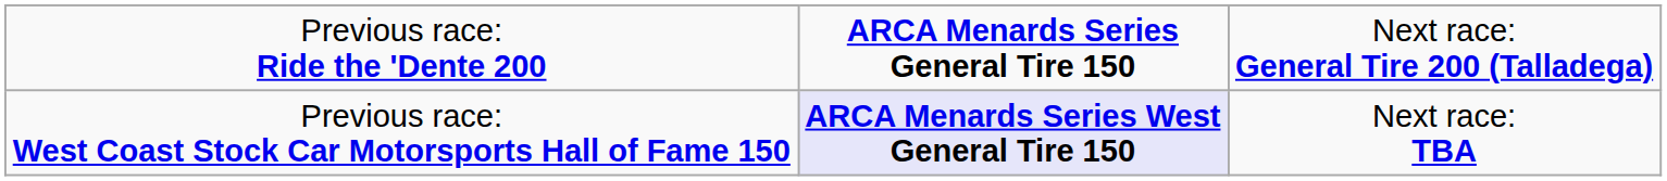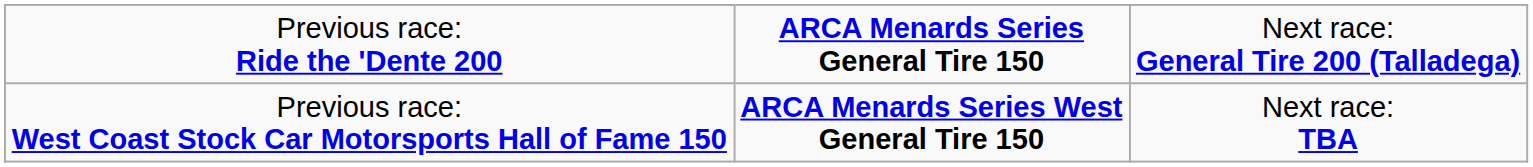 <table class="wikitable" style="font-size: 95%;">
 <tr>
 <td style="text-align:center;">Previous race: <br> <strong><a href='#'>Ride the 'Dente 200</a></strong></td>
 <td style="text-align:center;"><strong><a href='#'>ARCA Menards Series</a> <br> General Tire 150</strong></td>
 <td style="text-align:center;">Next race: <br> <strong><a href='#'>General Tire 200 (Talladega)</a></strong></td>
 </tr>
 <tr>
 <td style="text-align:center;">Previous race: <br> <strong><a href='#'>West Coast Stock Car Motorsports Hall of Fame 150</a></strong></td>
-<td style="background: lavender; text-align:center;"><strong><a href='#'>ARCA Menards Series West</a> <br> General Tire 150</strong></td>
+<td style="text-align:center;"><strong><a href='#'>ARCA Menards Series West</a> <br> General Tire 150</strong></td>
 <td style="text-align:center;">Next race: <br> <strong><a href='#'>TBA</a></strong></td>
 </tr>
 </table>
